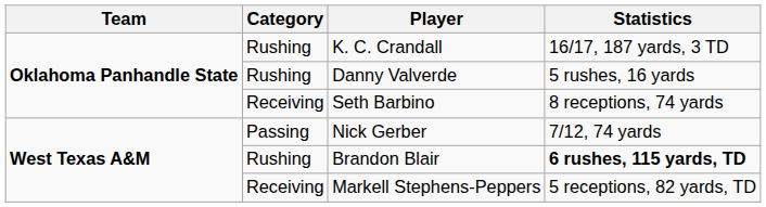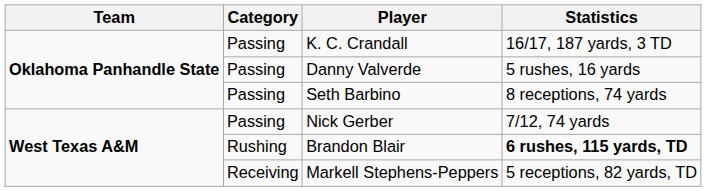 <table class="wikitable" style="float: right;">
 <tr>
 <th>Team</th>
 <th>Category</th>
 <th>Player</th>
 <th>Statistics</th>
 </tr>
 <tr>
 <td rowspan=3><strong>Oklahoma Panhandle State</strong></td>
-<td>Rushing</td>
+<td>Passing</td>
 <td>K. C. Crandall</td>
 <td>16/17, 187 yards, 3 TD</td>
 </tr>
 <tr>
-<td>Rushing</td>
+<td>Passing</td>
 <td>Danny Valverde</td>
 <td>5 rushes, 16 yards</td>
 </tr>
 <tr>
-<td>Receiving</td>
+<td>Passing</td>
 <td>Seth Barbino</td>
 <td>8 receptions, 74 yards</td>
 </tr>
 <tr>
 <td rowspan=3><strong>West Texas A&M</strong></td>
 <td>Passing</td>
 <td>Nick Gerber</td>
 <td>7/12, 74 yards</td>
 </tr>
 <tr>
 <td>Rushing</td>
 <td>Brandon Blair</td>
 <td><strong>6 rushes, 115 yards, TD</strong></td>
 </tr>
 <tr>
 <td>Receiving</td>
 <td>Markell Stephens-Peppers</td>
 <td>5 receptions, 82 yards, TD</td>
 </tr>
 </table>
